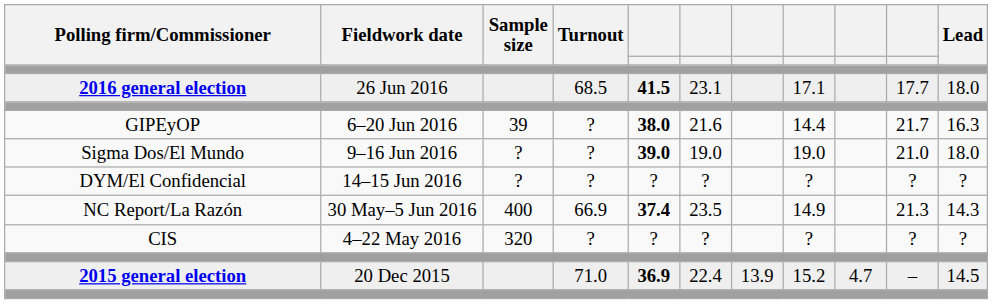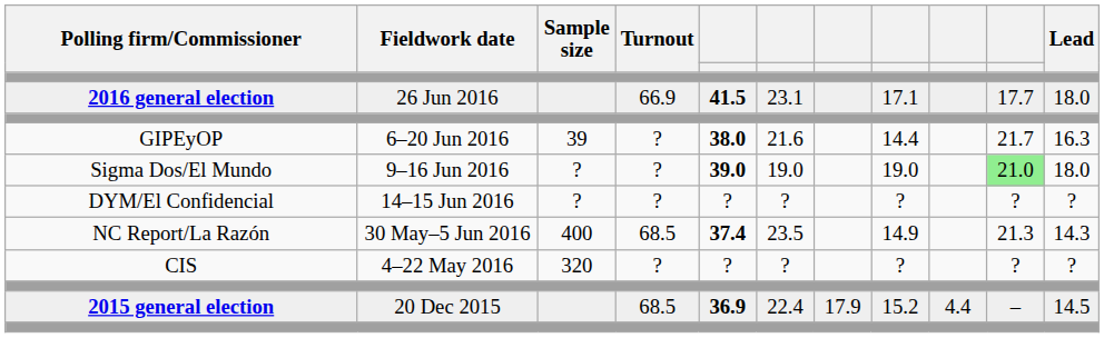 <table class="wikitable collapsible collapsed" style="text-align:center; font-size:95%; line-height:16px;">
 <tr style="height:42px; background-color:#E9E9E9">
 <th style="width:250px;" rowspan="2">Polling firm/Commissioner</th>
 <th style="width:125px;" rowspan="2">Fieldwork date</th>
 <th style="width:50px;" rowspan="2">Sample size</th>
 <th style="width:45px;" rowspan="2">Turnout</th>
 <th style="width:35px;"></th>
 <th style="width:35px;"></th>
 <th style="width:35px;"></th>
 <th style="width:35px;"></th>
 <th style="width:35px;"></th>
 <th style="width:35px;"></th>
 <th style="width:30px;" rowspan="2">Lead</th>
 </tr>
 <tr>
 <th style="color:inherit;background:"></th>
 <th style="color:inherit;background:"></th>
 <th style="color:inherit;background:"></th>
 <th style="color:inherit;background:"></th>
 <th style="color:inherit;background:"></th>
 <th style="color:inherit;background:"></th>
 </tr>
 <tr>
 <td colspan="11" style="background:#A0A0A0"></td>
 </tr>
 <tr style="background:#EFEFEF;">
 <td><strong><a href='#'>2016 general election</a></strong></td>
 <td>26 Jun 2016</td>
 <td></td>
-<td>68.5</td>
+<td>66.9</td>
 <td><strong>41.5</strong><br></td>
 <td>23.1<br></td>
 <td></td>
 <td>17.1<br></td>
 <td></td>
 <td>17.7<br></td>
 <td style="background:">18.0</td>
 </tr>
 <tr>
 <td colspan="11" style="background:#A0A0A0"></td>
 </tr>
 <tr>
 <td>GIPEyOP</td>
 <td>6–20 Jun 2016</td>
 <td>39</td>
 <td>?</td>
 <td><strong>38.0</strong><br></td>
 <td>21.6<br></td>
 <td></td>
 <td>14.4<br></td>
 <td></td>
 <td>21.7<br></td>
 <td style="background:">16.3</td>
 </tr>
 <tr>
 <td>Sigma Dos/El Mundo</td>
 <td>9–16 Jun 2016</td>
 <td>?</td>
 <td>?</td>
 <td><strong>39.0</strong><br></td>
 <td>19.0<br></td>
 <td></td>
 <td>19.0<br></td>
 <td></td>
-<td>21.0<br></td>
+<td style="background: lightgreen;">21.0<br></td>
 <td style="background:">18.0</td>
 </tr>
 <tr>
 <td>DYM/El Confidencial</td>
 <td>14–15 Jun 2016</td>
 <td>?</td>
 <td>?</td>
 <td>?<br></td>
 <td>?<br></td>
 <td></td>
 <td>?<br></td>
 <td></td>
 <td>?<br></td>
 <td style="background:">?</td>
 </tr>
 <tr>
 <td>NC Report/La Razón</td>
 <td>30 May–5 Jun 2016</td>
 <td>400</td>
-<td>66.9</td>
+<td>68.5</td>
 <td><strong>37.4</strong><br></td>
 <td>23.5<br></td>
 <td></td>
 <td>14.9<br></td>
 <td></td>
 <td>21.3<br></td>
 <td style="background:">14.3</td>
 </tr>
 <tr>
 <td>CIS</td>
 <td>4–22 May 2016</td>
 <td>320</td>
 <td>?</td>
 <td>?<br></td>
 <td>?<br></td>
 <td></td>
 <td>?<br></td>
 <td></td>
 <td>?<br></td>
 <td style="background:">?</td>
 </tr>
 <tr>
 <td colspan="11" style="background:#A0A0A0"></td>
 </tr>
 <tr style="background:#EFEFEF;">
 <td><strong><a href='#'>2015 general election</a></strong></td>
 <td>20 Dec 2015</td>
 <td></td>
-<td>71.0</td>
+<td>68.5</td>
 <td><strong>36.9</strong><br></td>
 <td>22.4<br></td>
-<td>13.9<br></td>
+<td>17.9<br></td>
 <td>15.2<br></td>
-<td>4.7<br></td>
+<td>4.4<br></td>
 <td>–</td>
 <td style="background:">14.5</td>
 </tr>
 <tr>
 <td colspan="11" style="background:#A0A0A0"></td>
 </tr>
 </table>
